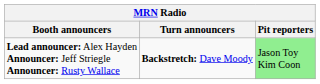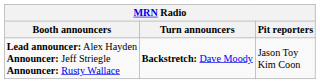 <table class="wikitable" style="font-size: 95%">
 <tr>
 <th colspan="3"><a href='#'>MRN</a> Radio</th>
 </tr>
 <tr>
 <th>Booth announcers</th>
 <th>Turn announcers</th>
 <th>Pit reporters</th>
 </tr>
 <tr>
 <td><strong>Lead announcer:</strong> Alex Hayden<br><strong>Announcer:</strong> Jeff Striegle<br><strong>Announcer:</strong> <a href='#'>Rusty Wallace</a></td>
 <td><strong>Backstretch:</strong> <a href='#'>Dave Moody</a></td>
-<td style="background: lightgreen;">Jason Toy<br>Kim Coon</td>
+<td>Jason Toy<br>Kim Coon</td>
 </tr>
 </table>
